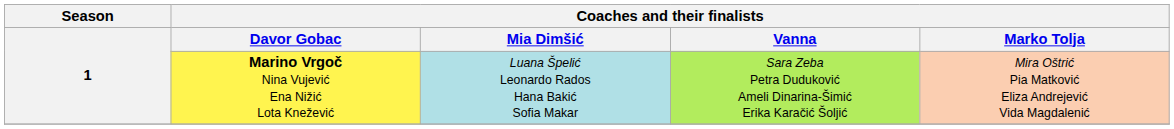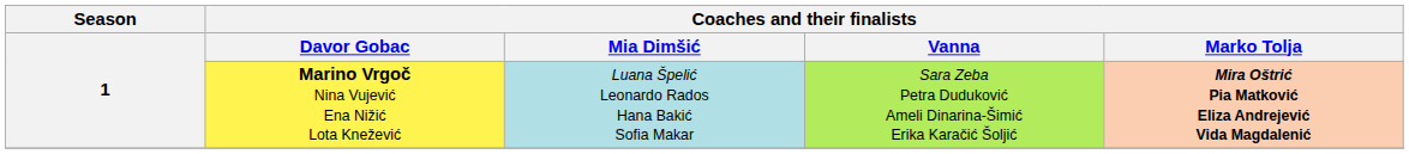 <table class="wikitable nowrap" style="text-align:center; width:80%">
 <tr>
 <th style="width:10%">Season</th>
 <th style="width:50%" colspan="4">Coaches and their finalists</th>
 </tr>
 <tr>
 <th rowspan="2">1</th>
 <th style="width:15%" scope="col"><a href='#'>Davor Gobac</a></th>
 <th style="width:15%" scope="col"><a href='#'>Mia Dimšić</a></th>
 <th style="width:15%" scope="col"><a href='#'>Vanna</a></th>
 <th style="width:15%" scope="col"><a href='#'>Marko Tolja</a></th>
 </tr>
 <tr>
 <td style="background:#FFF44F"><strong>Marino Vrgoč</strong><br><small>Nina Vujević<br>Ena Nižić<br>Lota Knežević</small></td>
 <td style="background:#B0E0E6"><small><em>Luana Špelić</em><br>Leonardo Rados<br>Hana Bakić<br>Sofia Makar</small></td>
 <td style="background:#B2EC5D"><small><em>Sara Zeba</em><br>Petra Duduković<br>Ameli Dinarina-Šimić<br>Erika Karačić Šoljić</small></td>
-<td style="background:#FBCEB1"><small><em>Mira Oštrić</em><br>Pia Matković<br>Eliza Andrejević<br>Vida Magdalenić</small></td>
+<td style="background:#FBCEB1"><strong><small><em>Mira Oštrić</em><br>Pia Matković<br>Eliza Andrejević<br>Vida Magdalenić</small></strong></td>
 </tr>
 <tr>
 </tr>
 </table>
